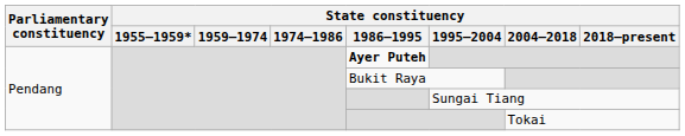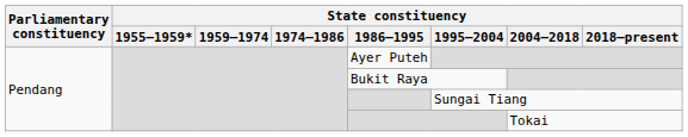 <table class="wikitable">
 <tr>
 <th rowspan="2">Parliamentary<br>constituency</th>
 <th colspan="7">State constituency</th>
 </tr>
 <tr>
 <th>1955–1959*</th>
 <th>1959–1974</th>
 <th>1974–1986</th>
 <th>1986–1995</th>
 <th>1995–2004</th>
 <th>2004–2018</th>
 <th>2018–present</th>
 </tr>
 <tr>
 <td rowspan="4">Pendang</td>
 <td colspan="3" rowspan="4" bgcolor="dcdcdc"></td>
-<td><strong>Ayer Puteh</strong></td>
+<td>Ayer Puteh</td>
 <td colspan="3" bgcolor="dcdcdc"></td>
 </tr>
 <tr>
 <td colspan="2">Bukit Raya</td>
 <td colspan="2" bgcolor="dcdcdc"></td>
 </tr>
 <tr>
 <td bgcolor="dcdcdc"></td>
 <td colspan="3">Sungai Tiang</td>
 </tr>
 <tr>
 <td colspan="2" bgcolor="dcdcdc"></td>
 <td colspan="2">Tokai</td>
 </tr>
 </table>
